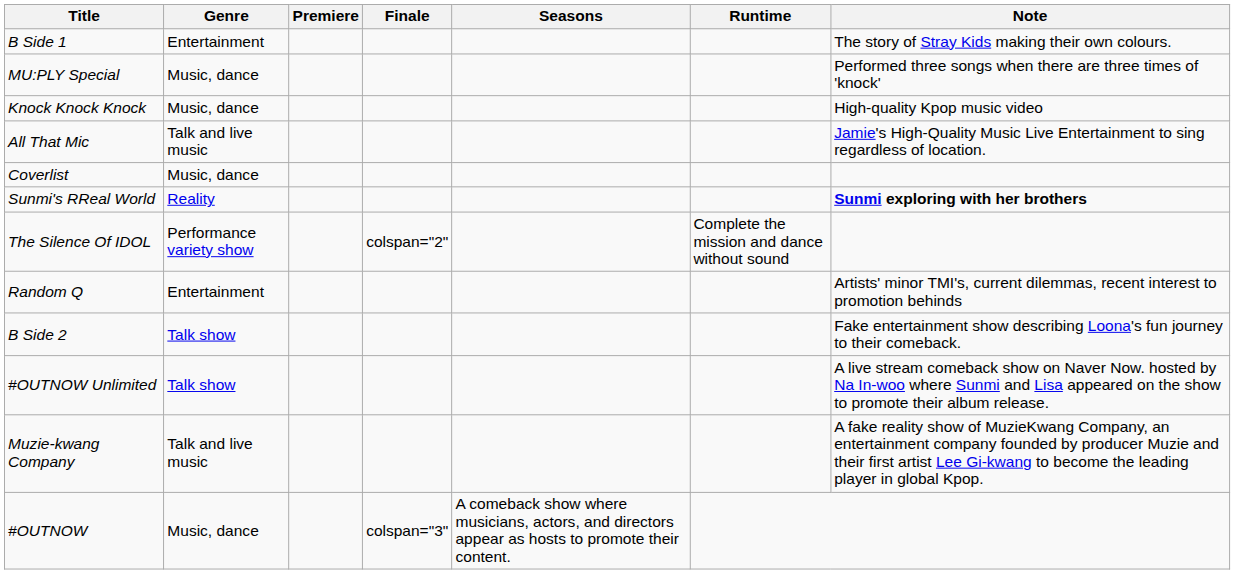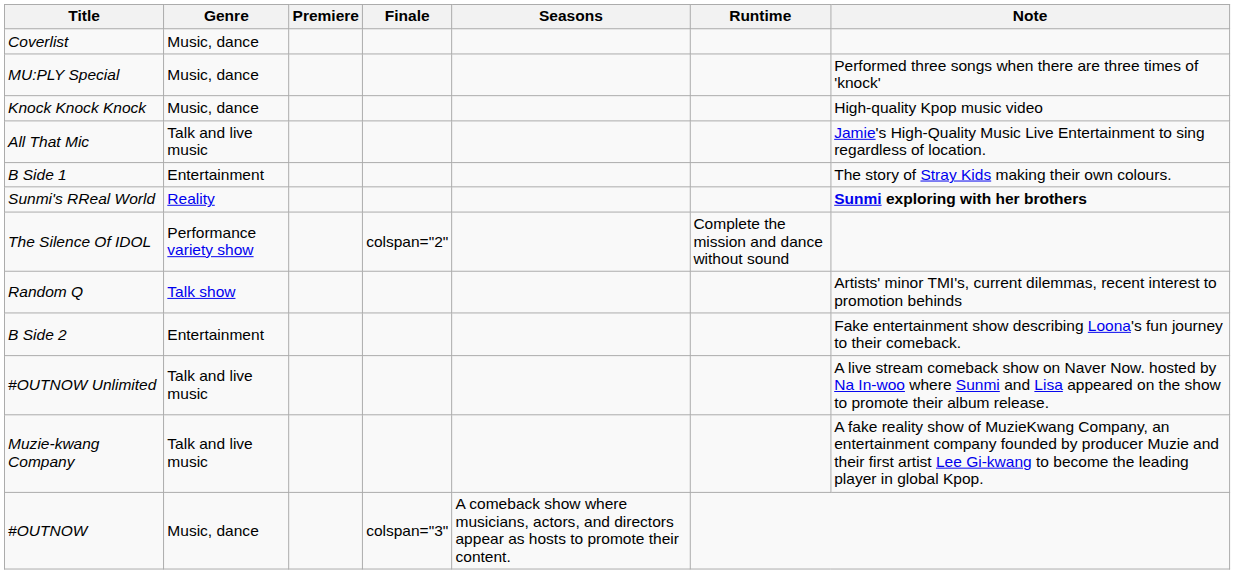 <table class="wikitable sortable" style="width:100%">
 <tr>
 <th style="width:13%;">Title</th>
 <th>Genre</th>
 <th>Premiere</th>
 <th>Finale</th>
 <th>Seasons</th>
 <th>Runtime</th>
 <th>Note</th>
 </tr>
 <tr>
-<td><em>B Side 1</em></td>
-<td>Entertainment</td>
+<td><em>Coverlist</em></td>
+<td>Music, dance</td>
 <td></td>
 <td></td>
 <td></td>
 <td></td>
-<td>The story of <a href='#'>Stray Kids</a> making their own colours.</td>
+<td></td>
 </tr>
 <tr>
 <td><em>MU:PLY Special</em></td>
 <td>Music, dance</td>
 <td></td>
 <td></td>
 <td></td>
 <td></td>
 <td>Performed three songs when there are three times of 'knock'</td>
 </tr>
 <tr>
 <td><em>Knock Knock Knock</em></td>
 <td>Music, dance</td>
 <td></td>
 <td></td>
 <td></td>
 <td></td>
 <td>High-quality Kpop music video</td>
 </tr>
 <tr>
 <td><em>All That Mic</em></td>
 <td>Talk and live music</td>
 <td></td>
 <td></td>
 <td></td>
 <td></td>
 <td><a href='#'>Jamie</a>'s High-Quality Music Live Entertainment to sing regardless of location.</td>
 </tr>
 <tr>
-<td><em>Coverlist</em></td>
-<td>Music, dance</td>
+<td><em>B Side 1</em></td>
+<td>Entertainment</td>
 <td></td>
 <td></td>
 <td></td>
 <td></td>
-<td></td>
+<td>The story of <a href='#'>Stray Kids</a> making their own colours.</td>
 </tr>
 <tr>
 <td><em>Sunmi's RReal World</em></td>
 <td><a href='#'>Reality</a></td>
 <td></td>
 <td></td>
 <td></td>
 <td></td>
 <td><strong><a href='#'>Sunmi</a> exploring with her brothers</strong></td>
 </tr>
 <tr>
 <td><em>The Silence Of IDOL</em></td>
 <td>Performance <a href='#'>variety show</a></td>
 <td></td>
 <td>colspan="2" </td>
 <td></td>
 <td>Complete the mission and dance without sound</td>
 </tr>
 <tr>
 <td><em>Random Q</em></td>
-<td>Entertainment</td>
+<td><a href='#'>Talk show</a></td>
 <td></td>
 <td></td>
 <td></td>
 <td></td>
 <td>Artists' minor TMI's, current dilemmas, recent interest to promotion behinds</td>
 </tr>
 <tr>
 <td><em>B Side 2</em></td>
-<td><a href='#'>Talk show</a></td>
+<td>Entertainment</td>
 <td></td>
 <td></td>
 <td></td>
 <td></td>
 <td>Fake entertainment show describing <a href='#'>Loona</a>'s fun journey to their comeback.</td>
 </tr>
 <tr>
 <td><em>#OUTNOW Unlimited</em></td>
-<td><a href='#'>Talk show</a></td>
+<td>Talk and live music</td>
 <td></td>
 <td></td>
 <td></td>
 <td></td>
 <td>A live stream comeback show on Naver Now. hosted by <a href='#'>Na In-woo</a> where <a href='#'>Sunmi</a> and <a href='#'>Lisa</a> appeared on the show to promote their album release.</td>
 </tr>
 <tr>
 <td><em>Muzie-kwang Company</em></td>
 <td>Talk and live music</td>
 <td></td>
 <td></td>
 <td></td>
 <td></td>
 <td>A fake reality show of MuzieKwang Company, an entertainment company founded by producer Muzie and their first artist <a href='#'>Lee Gi-kwang</a> to become the leading player in global Kpop.</td>
 </tr>
 <tr>
 <td><em>#OUTNOW</em></td>
 <td>Music, dance</td>
 <td></td>
 <td>colspan="3" </td>
 <td>A comeback show where musicians, actors, and directors appear as hosts to promote their content.</td>
 </tr>
 </table>
